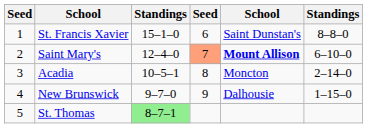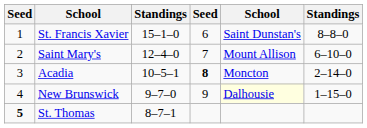 <table class="wikitable">
 <tr>
 <th>Seed</th>
 <th>School</th>
 <th>Standings</th>
 <th>Seed</th>
 <th>School</th>
 <th>Standings</th>
 </tr>
 <tr>
 <td align=center>1</td>
 <td><a href='#'>St. Francis Xavier</a></td>
 <td align=center>15–1–0</td>
 <td align=center>6</td>
 <td><a href='#'>Saint Dunstan's</a></td>
 <td align=center>8–8–0</td>
 </tr>
 <tr>
 <td align=center>2</td>
 <td><a href='#'>Saint Mary's</a></td>
 <td align=center>12–4–0</td>
-<td align=center style="background: lightsalmon;">7</td>
-<td><strong><a href='#'>Mount Allison</a></strong></td>
+<td align=center>7</td>
+<td><a href='#'>Mount Allison</a></td>
 <td align=center>6–10–0</td>
 </tr>
 <tr>
 <td align=center>3</td>
 <td><a href='#'>Acadia</a></td>
 <td align=center>10–5–1</td>
-<td align=center>8</td>
+<td align=center><strong>8</strong></td>
 <td><a href='#'>Moncton</a></td>
 <td align=center>2–14–0</td>
 </tr>
 <tr>
 <td align=center>4</td>
 <td><a href='#'>New Brunswick</a></td>
 <td align=center>9–7–0</td>
 <td align=center>9</td>
-<td><a href='#'>Dalhousie</a></td>
+<td style="background: lightyellow;"><a href='#'>Dalhousie</a></td>
 <td align=center>1–15–0</td>
 </tr>
 <tr>
-<td align=center>5</td>
+<td align=center><strong>5</strong></td>
 <td><a href='#'>St. Thomas</a></td>
-<td align=center style="background: lightgreen;">8–7–1</td>
+<td align=center>8–7–1</td>
 <td></td>
 <td></td>
 <td></td>
 </tr>
 </table>
